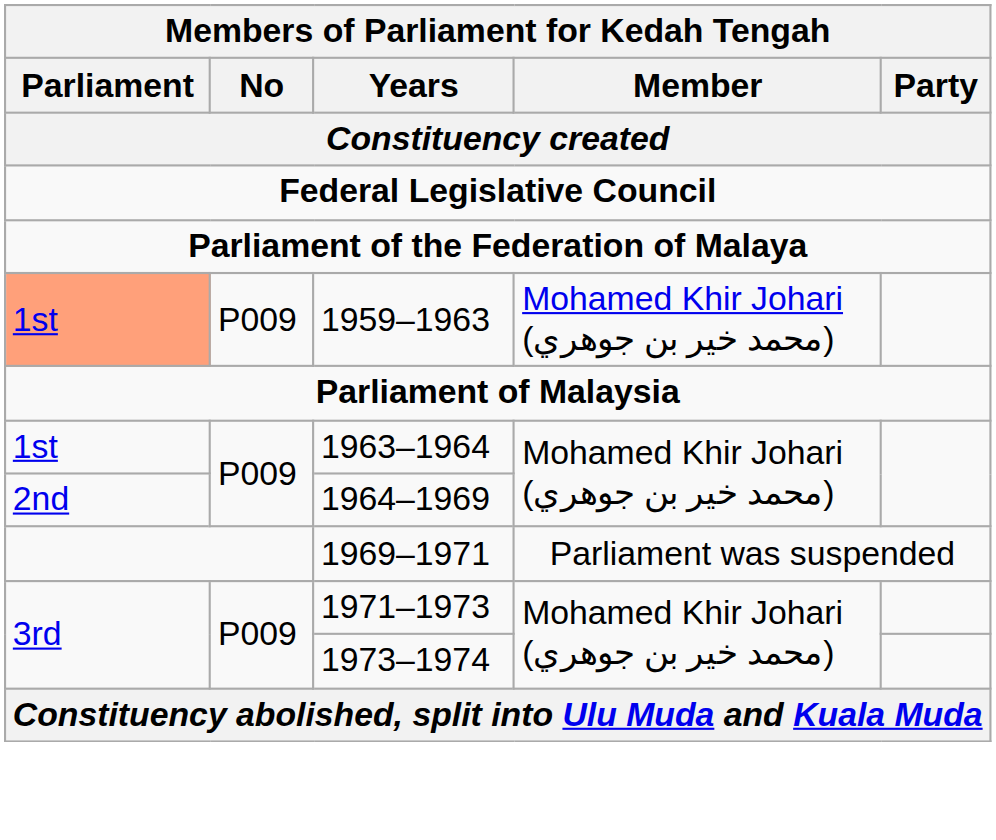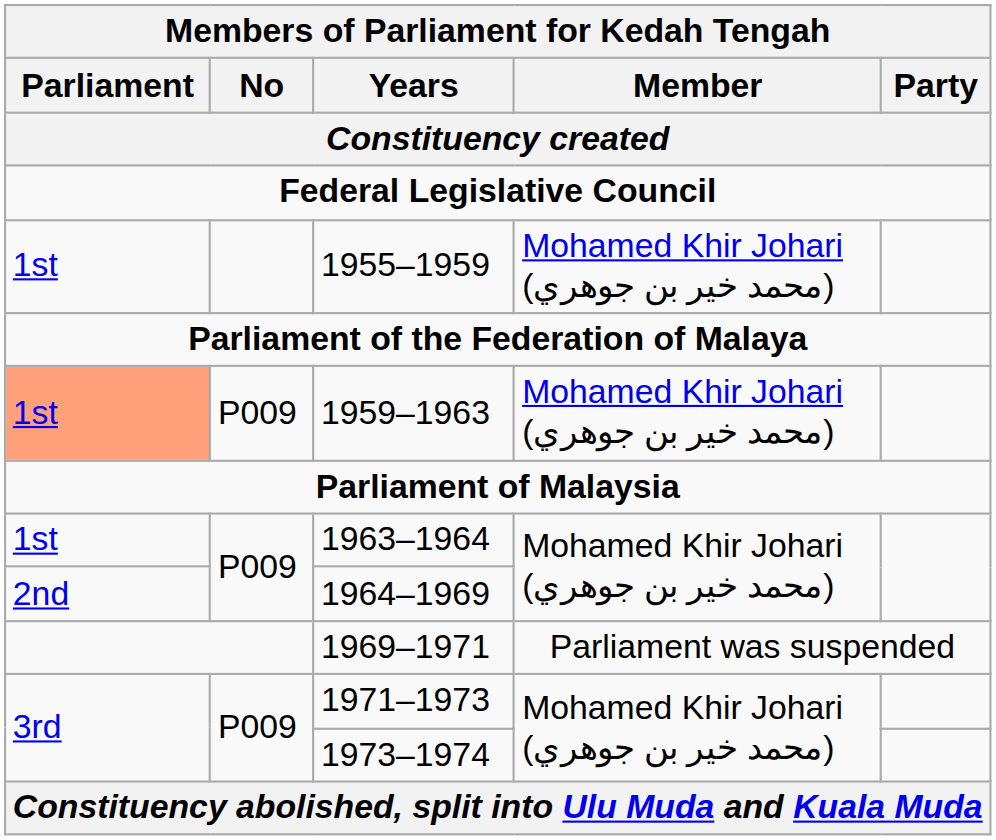 <table class=wikitable>
 <tr>
 <th colspan="5">Members of Parliament for Kedah Tengah</th>
 </tr>
 <tr>
 <th>Parliament</th>
 <th>No</th>
 <th>Years</th>
 <th>Member</th>
 <th>Party</th>
 </tr>
 <tr>
 <th colspan="5" align="center"><em>Constituency created</em></th>
 </tr>
 <tr>
 <td colspan="5" align="center"><strong>Federal Legislative Council</strong></td>
+</tr>
+<tr>
+<td><a href='#'>1st</a></td>
+<td></td>
+<td>1955–1959</td>
+<td><a href='#'>Mohamed Khir Johari</a> <br>  (محمد خير بن جوهري)</td>
+<td></td>
 </tr>
 <tr>
 <td colspan="5" align="center"><strong>Parliament of the Federation of Malaya</strong></td>
 </tr>
 <tr>
 <td style="background: lightsalmon;"><a href='#'>1st</a></td>
 <td>P009</td>
 <td>1959–1963</td>
 <td><a href='#'>Mohamed Khir Johari</a> <br>  (محمد خير بن جوهري)</td>
 <td></td>
 </tr>
 <tr>
 <td colspan="5" align="center"><strong>Parliament of Malaysia</strong></td>
 </tr>
 <tr>
 <td><a href='#'>1st</a></td>
 <td rowspan="2">P009</td>
 <td>1963–1964</td>
 <td rowspan="2">Mohamed Khir Johari <br>  (محمد خير بن جوهري)</td>
 <td rowspan=2></td>
 </tr>
 <tr>
 <td><a href='#'>2nd</a></td>
 <td>1964–1969</td>
 </tr>
 <tr>
 <td colspan="2"></td>
 <td>1969–1971</td>
 <td colspan="2" align="center">Parliament was suspended</td>
 </tr>
 <tr>
 <td rowspan=2><a href='#'>3rd</a></td>
 <td rowspan="2">P009</td>
 <td>1971–1973</td>
 <td rowspan="2">Mohamed Khir Johari <br>  (محمد خير بن جوهري)</td>
 <td></td>
 </tr>
 <tr>
 <td>1973–1974</td>
 <td></td>
 </tr>
 <tr>
 <th colspan="5" align="center"><em>Constituency abolished, split into <a href='#'>Ulu Muda</a> and <a href='#'>Kuala Muda</a></em></th>
 </tr>
 </table>
